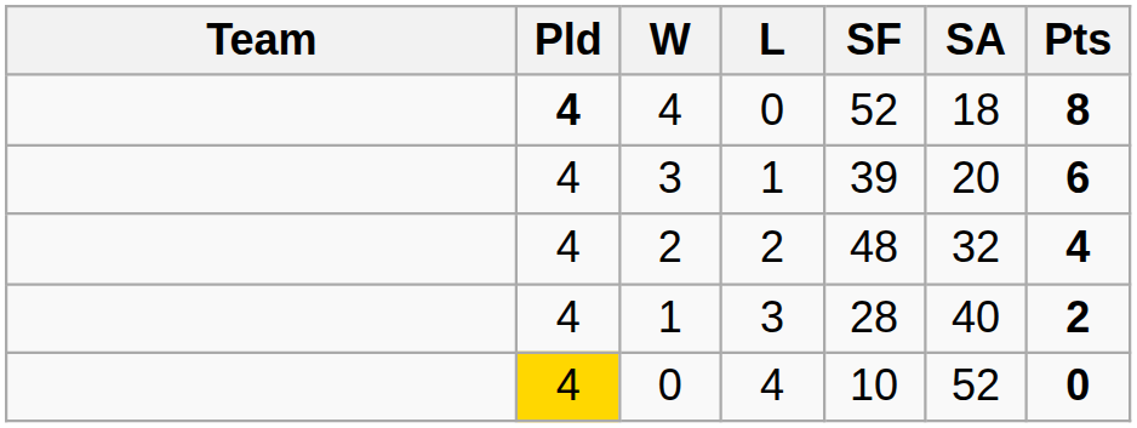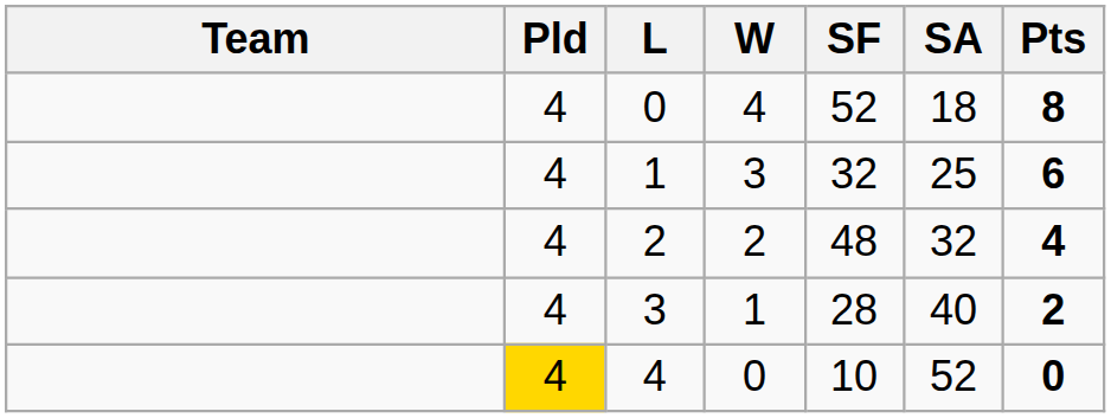 <table class="wikitable" style="text-align: center">
 <tr>
 <th width=180>Team</th>
 <th width=30>Pld</th>
+<th width=30>L</th>
 <th width=30>W</th>
-<th width=30>L</th>
 <th width=30>SF</th>
 <th width=30>SA</th>
 <th width=30>Pts</th>
 </tr>
 <tr>
 <td align=left></td>
-<td><strong>4</strong></td>
 <td>4</td>
 <td>0</td>
+<td>4</td>
 <td>52</td>
 <td>18</td>
 <td><strong>8</strong></td>
 </tr>
 <tr>
 <td align=left></td>
 <td>4</td>
+<td>1</td>
 <td>3</td>
-<td>1</td>
-<td>39</td>
-<td>20</td>
+<td>32</td>
+<td>25</td>
 <td><strong>6</strong></td>
 </tr>
 <tr>
 <td align=left></td>
 <td>4</td>
 <td>2</td>
 <td>2</td>
 <td>48</td>
 <td>32</td>
 <td><strong>4</strong></td>
 </tr>
 <tr>
 <td align=left></td>
 <td>4</td>
+<td>3</td>
 <td>1</td>
-<td>3</td>
 <td>28</td>
 <td>40</td>
 <td><strong>2</strong></td>
 </tr>
 <tr>
 <td align=left></td>
 <td style="background: gold;">4</td>
+<td>4</td>
 <td>0</td>
-<td>4</td>
 <td>10</td>
 <td>52</td>
 <td><strong>0</strong></td>
 </tr>
 </table>
